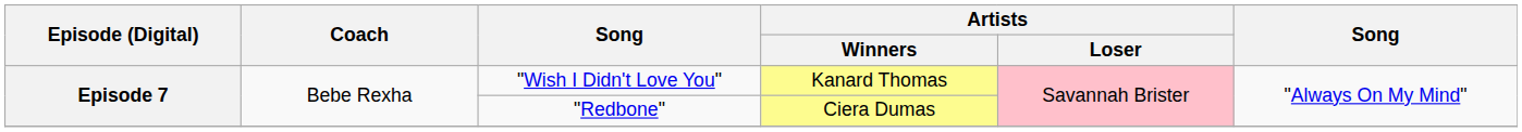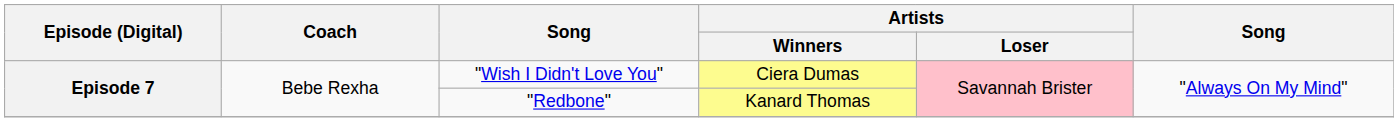 <table class="wikitable" style="text-align: center; width:100%;">
 <tr>
 <th rowspan="2" style="width:15%;">Episode (Digital)</th>
 <th rowspan="2" style="width:15%;">Coach</th>
 <th rowspan="2" style="width:18%;">Song</th>
 <th colspan="2" style="width:30%;">Artists</th>
 <th rowspan="2" style="width:18%;">Song</th>
 </tr>
 <tr>
 <th style="width:15%;">Winners</th>
 <th style="width:15%;">Loser</th>
 </tr>
 <tr>
 <th rowspan="2">Episode 7<br><small></small></th>
 <td rowspan="2">Bebe Rexha</td>
 <td>"<a href='#'>Wish I Didn't Love You</a>"</td>
-<td style="background:#fdfc8f;">Kanard Thomas</td>
+<td style="background:#fdfc8f;">Ciera Dumas</td>
 <td rowspan="2" style="background:pink;">Savannah Brister</td>
 <td rowspan="2">"<a href='#'>Always On My Mind</a>"</td>
 </tr>
 <tr>
 <td>"<a href='#'>Redbone</a>"</td>
-<td style="background:#fdfc8f;">Ciera Dumas</td>
+<td style="background:#fdfc8f;">Kanard Thomas</td>
 </tr>
 <tr>
 </tr>
 </table>
